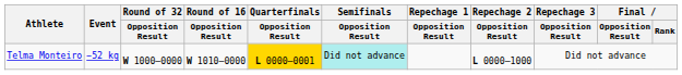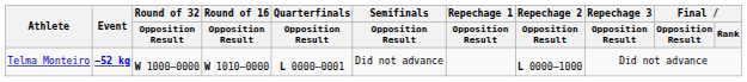 <table class="wikitable" style="font-size:90%">
 <tr>
 <th rowspan="2">Athlete</th>
 <th rowspan="2">Event</th>
 <th>Round of 32</th>
 <th>Round of 16</th>
 <th>Quarterfinals</th>
 <th>Semifinals</th>
 <th>Repechage 1</th>
 <th>Repechage 2</th>
 <th>Repechage 3</th>
 <th colspan=2>Final / </th>
 </tr>
 <tr style="font-size:95%">
 <th>Opposition<br>Result</th>
 <th>Opposition<br>Result</th>
 <th>Opposition<br>Result</th>
 <th>Opposition<br>Result</th>
 <th>Opposition<br>Result</th>
 <th>Opposition<br>Result</th>
 <th>Opposition<br>Result</th>
 <th>Opposition<br>Result</th>
 <th>Rank</th>
 </tr>
 <tr align=center>
 <td align=left><a href='#'>Telma Monteiro</a></td>
-<td align=left><a href='#'>−52 kg</a></td>
+<td align=left><strong><a href='#'>−52 kg</a></strong></td>
 <td><br><strong>W</strong> 1000–0000</td>
 <td><br><strong>W</strong> 1010–0000</td>
-<td style="background: gold;"><br><strong>L</strong> 0000–0001</td>
-<td style="background: paleturquoise;">Did not advance</td>
+<td><br><strong>L</strong> 0000–0001</td>
+<td>Did not advance</td>
 <td></td>
 <td><br><strong>L</strong> 0000–1000</td>
 <td colspan=3>Did not advance</td>
 </tr>
 </table>
